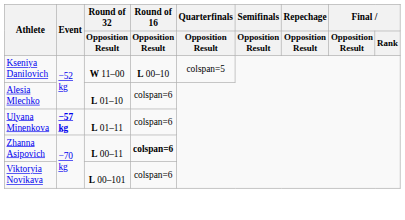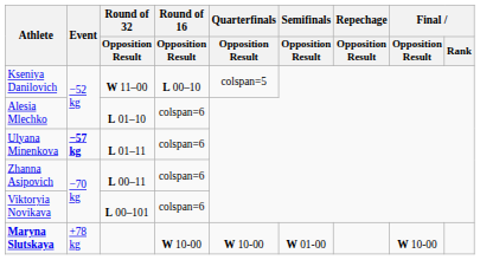 <table class="wikitable" style="text-align:center; font-size:90%">
 <tr>
 <th rowspan=2 width=100>Athlete</th>
 <th rowspan=2>Event</th>
 <th>Round of 32</th>
 <th>Round of 16</th>
 <th>Quarterfinals</th>
 <th>Semifinals</th>
 <th>Repechage</th>
 <th colspan=2>Final / </th>
 </tr>
 <tr style="font-size:95%">
 <th>Opposition<br>Result</th>
 <th>Opposition<br>Result</th>
 <th>Opposition<br>Result</th>
 <th>Opposition<br>Result</th>
 <th>Opposition<br>Result</th>
 <th>Opposition<br>Result</th>
 <th>Rank</th>
 </tr>
 <tr>
 <td align=left><a href='#'>Kseniya Danilovich</a></td>
 <td rowspan=2 align=left><a href='#'>−52 kg</a></td>
 <td><br><strong>W</strong> 11–00</td>
 <td><br><strong>L</strong> 00–10</td>
 <td>colspan=5 </td>
 </tr>
 <tr>
 <td align=left><a href='#'>Alesia Mlechko</a></td>
 <td><br><strong>L</strong> 01–10</td>
 <td>colspan=6 </td>
 </tr>
 <tr>
 <td align=left><a href='#'>Ulyana Minenkova</a></td>
 <td align=left><strong><a href='#'>−57 kg</a></strong></td>
 <td><br><strong>L</strong> 01–11</td>
 <td>colspan=6 </td>
 </tr>
 <tr>
 <td align=left><a href='#'>Zhanna Asipovich</a></td>
 <td rowspan=2 align=left><a href='#'>−70 kg</a></td>
 <td><br><strong>L</strong> 00–11</td>
-<td><strong>colspan=6 </strong></td>
+<td>colspan=6 </td>
 </tr>
 <tr>
 <td align=left><a href='#'>Viktoryia Novikava </a></td>
 <td><br><strong>L</strong> 00–101</td>
 <td>colspan=6 </td>
 </tr>
+<tr>
+<td align=left><strong><a href='#'>Maryna Slutskaya</a></strong></td>
+<td align=left><a href='#'>+78 kg</a></td>
+<td></td>
+<td><br><strong>W</strong> 10-00</td>
+<td><br><strong>W</strong> 10-00</td>
+<td><br><strong>W</strong> 01-00</td>
+<td></td>
+<td><br><strong>W</strong> 10-00</td>
+<td></td>
+</tr>
 </table>
